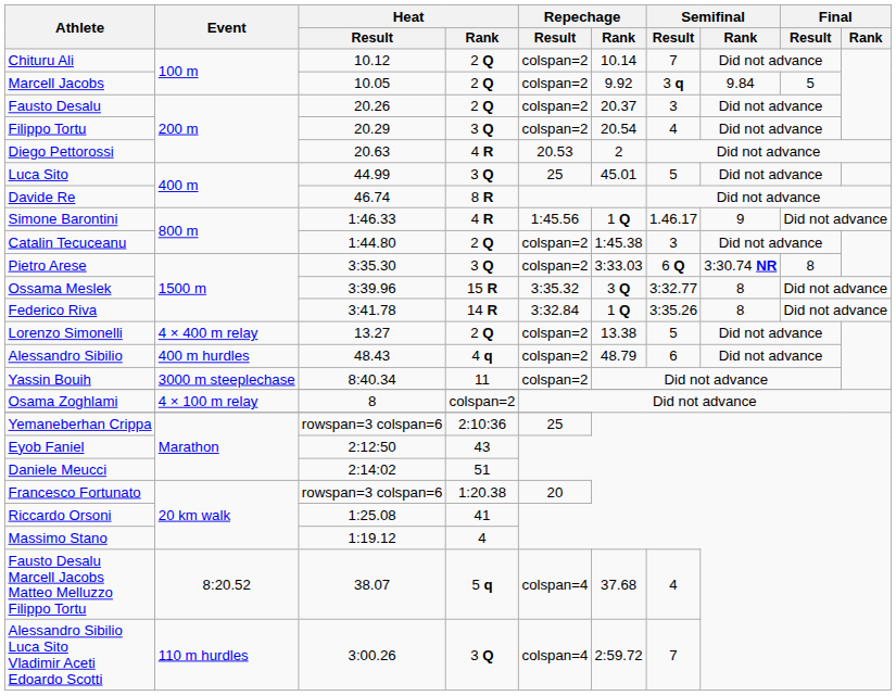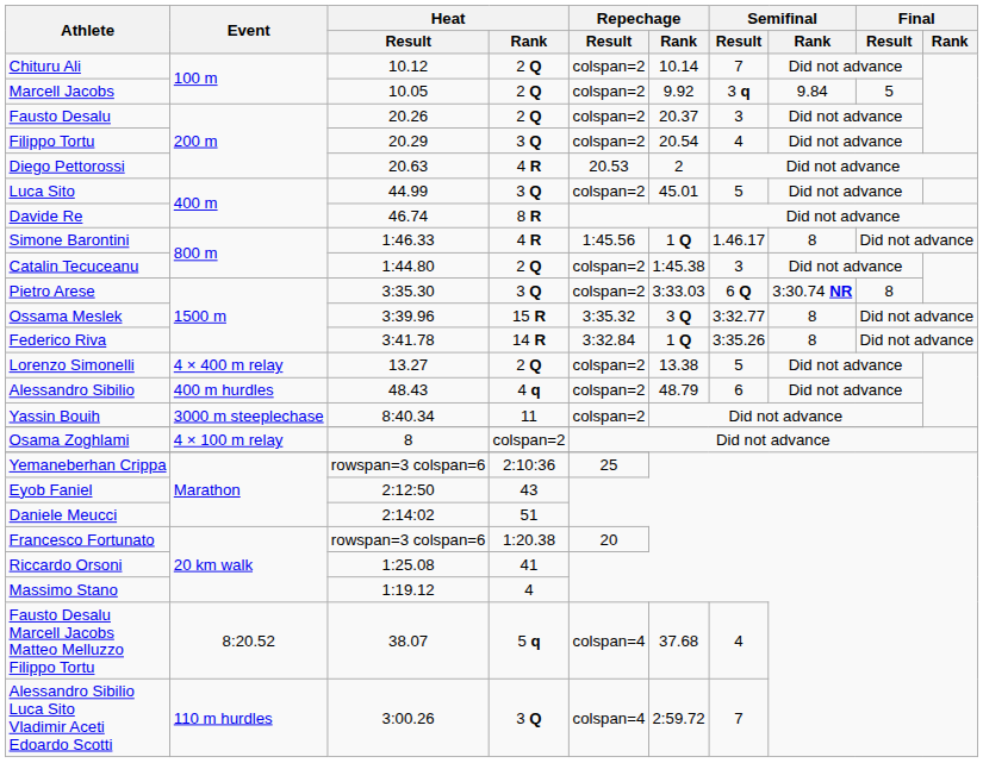 <table class="wikitable" style="font-size:90%">
 <tr>
 <th rowspan="2">Athlete</th>
 <th rowspan="2">Event</th>
 <th colspan="2">Heat</th>
 <th colspan="2">Repechage</th>
 <th colspan="2">Semifinal</th>
 <th colspan="2">Final</th>
 </tr>
 <tr style="font-size:95%">
 <th>Result</th>
 <th>Rank</th>
 <th>Result</th>
 <th>Rank</th>
 <th>Result</th>
 <th>Rank</th>
 <th>Result</th>
 <th>Rank</th>
 </tr>
 <tr align=center>
 <td align=left><a href='#'>Chituru Ali</a></td>
 <td align=left rowspan="2"><a href='#'>100 m</a></td>
 <td>10.12</td>
 <td>2 <strong>Q</strong></td>
 <td>colspan=2 </td>
 <td>10.14</td>
 <td>7</td>
 <td colspan=2>Did not advance</td>
 </tr>
 <tr align=center>
 <td align=left><a href='#'>Marcell Jacobs</a></td>
 <td>10.05</td>
 <td>2 <strong>Q</strong></td>
 <td>colspan=2 </td>
 <td>9.92 <strong></strong></td>
 <td>3 <strong>q</strong></td>
 <td>9.84 <strong></strong></td>
 <td>5</td>
 </tr>
 <tr align=center>
 <td align=left><a href='#'>Fausto Desalu</a></td>
 <td align=left rowspan="3"><a href='#'>200 m</a></td>
 <td>20.26</td>
 <td>2 <strong>Q</strong></td>
 <td>colspan=2 </td>
 <td>20.37</td>
 <td>3</td>
 <td colspan=2>Did not advance</td>
 </tr>
 <tr align="center">
 <td align="left"><a href='#'>Filippo Tortu</a></td>
 <td>20.29</td>
 <td>3 <strong>Q</strong></td>
 <td>colspan=2 </td>
 <td>20.54</td>
 <td>4</td>
 <td colspan=2>Did not advance</td>
 </tr>
 <tr align="center">
 <td align="left"><a href='#'>Diego Pettorossi</a></td>
 <td>20.63</td>
 <td>4 <strong>R</strong></td>
 <td>20.53</td>
 <td>2</td>
 <td colspan=4>Did not advance</td>
 </tr>
 <tr align=center>
 <td align=left><a href='#'>Luca Sito</a></td>
 <td align=left rowspan=2><a href='#'>400 m</a></td>
 <td>44.99</td>
 <td>3 <strong>Q</strong></td>
-<td>25</td>
+<td>colspan=2 </td>
 <td>45.01</td>
 <td>5</td>
 <td colspan=2>Did not advance</td>
 </tr>
 <tr align=center>
 <td align=left><a href='#'>Davide Re</a></td>
 <td>46.74</td>
 <td>8 <strong>R</strong></td>
 <td colspan=2></td>
 <td colspan=4>Did not advance</td>
 </tr>
 <tr align=center>
 <td align=left><a href='#'>Simone Barontini</a></td>
 <td align=left rowspan="2"><a href='#'>800 m</a></td>
 <td>1:46.33</td>
 <td>4 <strong>R</strong></td>
 <td>1:45.56</td>
 <td>1 <strong>Q</strong></td>
 <td>1.46.17</td>
-<td>9</td>
+<td>8</td>
 <td colspan=2>Did not advance</td>
 </tr>
 <tr align="center">
 <td align="left"><a href='#'>Catalin Tecuceanu</a></td>
 <td>1:44.80</td>
 <td>2 <strong>Q</strong></td>
 <td>colspan=2 </td>
 <td>1:45.38</td>
 <td>3</td>
 <td colspan=2>Did not advance</td>
 </tr>
 <tr align="center">
 <td align="left"><a href='#'>Pietro Arese</a></td>
 <td rowspan="3" align="left"><a href='#'>1500 m</a></td>
 <td>3:35.30</td>
 <td>3 <strong>Q</strong></td>
 <td>colspan=2 </td>
 <td>3:33.03</td>
 <td>6 <strong>Q</strong></td>
 <td>3:30.74 <strong><a href='#'>NR</a></strong></td>
 <td>8</td>
 </tr>
 <tr align=center>
 <td align=left><a href='#'>Ossama Meslek</a></td>
 <td>3:39.96</td>
 <td>15 <strong>R</strong></td>
 <td>3:35.32</td>
 <td>3 <strong>Q</strong></td>
 <td>3:32.77 <strong></strong></td>
 <td>8</td>
 <td colspan=2>Did not advance</td>
 </tr>
 <tr align=center>
 <td align=left><a href='#'>Federico Riva</a></td>
 <td>3:41.78</td>
 <td>14 <strong>R</strong></td>
 <td>3:32.84 <strong></strong></td>
 <td>1 <strong>Q</strong></td>
 <td>3:35.26</td>
 <td>8</td>
 <td colspan=2>Did not advance</td>
 </tr>
 <tr align=center>
 <td align=left><a href='#'>Lorenzo Simonelli</a></td>
 <td align=left><a href='#'>4 × 400 m relay</a></td>
 <td>13.27</td>
 <td>2 <strong>Q</strong></td>
 <td>colspan=2 </td>
 <td>13.38</td>
 <td>5</td>
 <td colspan=2>Did not advance</td>
 </tr>
 <tr align=center>
 <td align=left><a href='#'>Alessandro Sibilio</a></td>
 <td align=left><a href='#'>400 m hurdles</a></td>
 <td>48.43</td>
 <td>4 <strong>q</strong></td>
 <td>colspan=2 </td>
 <td>48.79</td>
 <td>6</td>
 <td colspan=2>Did not advance</td>
 </tr>
 <tr align=center>
 <td align=left><a href='#'>Yassin Bouih</a></td>
 <td rowspan="2" align="left"><a href='#'>3000 m steeplechase</a></td>
 <td>8:40.34</td>
 <td>11</td>
 <td>colspan=2 </td>
 <td colspan=4>Did not advance</td>
 </tr>
 <tr>
 </tr>
 <tr align=center>
 <td align=left><a href='#'>Osama Zoghlami</a></td>
 <td align=left><a href='#'>4 × 100 m relay</a></td>
 <td>8</td>
 <td>colspan=2 </td>
 <td colspan=6>Did not advance</td>
 </tr>
 <tr>
 </tr>
 <tr align=center>
 <td align=left><a href='#'>Yemaneberhan Crippa</a></td>
 <td align=left rowspan=3><a href='#'>Marathon</a></td>
 <td>rowspan=3 colspan=6 </td>
 <td>2:10:36</td>
 <td>25</td>
 </tr>
 <tr align=center>
 <td align=left><a href='#'>Eyob Faniel</a></td>
 <td>2:12:50</td>
 <td>43</td>
 </tr>
 <tr align=center>
 <td align=left><a href='#'>Daniele Meucci</a></td>
 <td>2:14:02</td>
 <td>51</td>
 </tr>
 <tr align=center>
 <td align=left><a href='#'>Francesco Fortunato</a></td>
 <td rowspan="3" align="left"><a href='#'>20 km walk</a></td>
 <td>rowspan=3 colspan=6 </td>
 <td>1:20.38</td>
 <td>20</td>
 </tr>
 <tr align=center>
 <td align=left><a href='#'>Riccardo Orsoni</a></td>
 <td>1:25.08</td>
 <td>41</td>
 </tr>
 <tr align=center>
 <td align=left><a href='#'>Massimo Stano</a></td>
 <td>1:19.12</td>
 <td>4</td>
 </tr>
 <tr align=center>
 <td align=left><a href='#'>Fausto Desalu</a><br><a href='#'>Marcell Jacobs</a><br><a href='#'>Matteo Melluzzo</a><br><a href='#'>Filippo Tortu</a></td>
 <td>8:20.52</td>
 <td>38.07</td>
 <td>5 <strong>q</strong></td>
 <td>colspan=4</td>
 <td>37.68 <strong></strong></td>
 <td>4</td>
 </tr>
 <tr align=center>
 <td align=left><a href='#'>Alessandro Sibilio</a><br><a href='#'>Luca Sito</a><br><a href='#'>Vladimir Aceti</a><br><a href='#'>Edoardo Scotti</a></td>
 <td align=left><a href='#'>110 m hurdles</a></td>
 <td>3:00.26 <strong></strong></td>
 <td>3 <strong>Q</strong></td>
 <td>colspan=4</td>
 <td>2:59.72 <strong></strong></td>
 <td>7</td>
 </tr>
 </table>
